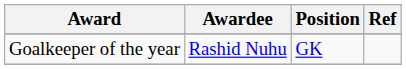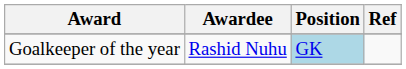 <table class="wikitable">
 <tr style="background:#cccccc;">
 <th>Award</th>
 <th>Awardee</th>
 <th>Position</th>
 <th>Ref</th>
 </tr>
 <tr>
 </tr>
 <tr>
 <td>Goalkeeper of the year</td>
 <td><a href='#'>Rashid Nuhu</a></td>
-<td><a href='#'>GK</a></td>
+<td style="background: lightblue;"><a href='#'>GK</a></td>
 <td style="text-align: center;"></td>
 </tr>
 <tr>
 </tr>
 </table>
